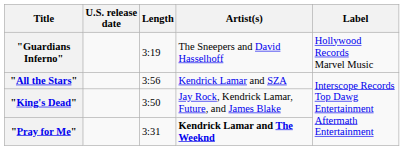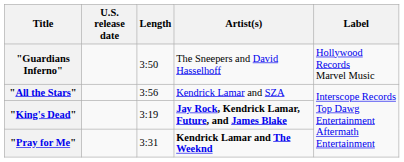 <table class="wikitable plainrowheaders defaultcenter col2left col3left">
 <tr>
 <th scope="col">Title</th>
 <th scope="col">U.S. release date</th>
 <th scope="col">Length</th>
 <th scope="col">Artist(s)</th>
 <th scope="col">Label</th>
 </tr>
 <tr>
 <th scope="row">"Guardians Inferno"</th>
 <td></td>
-<td>3:19</td>
+<td>3:50</td>
 <td>The Sneepers and <a href='#'>David Hasselhoff</a></td>
 <td><a href='#'>Hollywood Records</a><br>Marvel Music</td>
 </tr>
 <tr>
 <th scope="row">"<a href='#'>All the Stars</a>"</th>
 <td></td>
 <td>3:56</td>
 <td><a href='#'>Kendrick Lamar</a> and <a href='#'>SZA</a></td>
 <td rowspan="3"><a href='#'>Interscope Records</a><br><a href='#'>Top Dawg Entertainment</a><br><a href='#'>Aftermath Entertainment</a></td>
 </tr>
 <tr>
 <th scope="row">"<a href='#'>King's Dead</a>"</th>
 <td></td>
-<td>3:50</td>
-<td><a href='#'>Jay Rock</a>, Kendrick Lamar, <a href='#'>Future</a>, and <a href='#'>James Blake</a></td>
+<td>3:19</td>
+<td><strong><a href='#'>Jay Rock</a>, Kendrick Lamar, <a href='#'>Future</a>, and <a href='#'>James Blake</a></strong></td>
 </tr>
 <tr>
 <th scope="row">"<a href='#'>Pray for Me</a>"</th>
 <td></td>
 <td>3:31</td>
 <td><strong>Kendrick Lamar and <a href='#'>The Weeknd</a></strong></td>
 </tr>
 </table>
